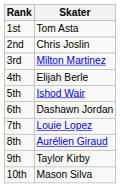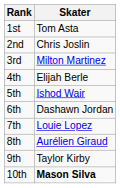 <table class="wikitable">
 <tr>
 <th>Rank</th>
 <th>Skater</th>
 </tr>
 <tr>
 <td>1st</td>
 <td>Tom Asta</td>
 </tr>
 <tr>
 <td>2nd</td>
 <td>Chris Joslin</td>
 </tr>
 <tr>
 <td>3rd</td>
 <td><a href='#'>Milton Martinez</a></td>
 </tr>
 <tr>
 <td>4th</td>
 <td>Elijah Berle</td>
 </tr>
 <tr>
 <td>5th</td>
 <td><a href='#'>Ishod Wair</a></td>
 </tr>
 <tr>
 <td>6th</td>
 <td>Dashawn Jordan</td>
 </tr>
 <tr>
 <td>7th</td>
 <td><a href='#'>Louie Lopez</a></td>
 </tr>
 <tr>
 <td>8th</td>
 <td><a href='#'>Aurélien Giraud</a></td>
 </tr>
 <tr>
 <td>9th</td>
 <td>Taylor Kirby</td>
 </tr>
 <tr>
 <td>10th</td>
-<td>Mason Silva</td>
+<td><strong>Mason Silva</strong></td>
 </tr>
 </table>
